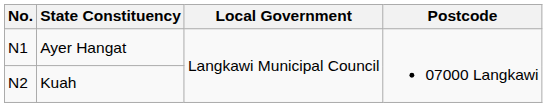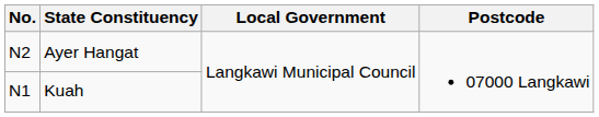 <table class="wikitable">
 <tr>
 <th>No.</th>
 <th>State Constituency</th>
 <th>Local Government</th>
 <th>Postcode</th>
 </tr>
 <tr>
-<td>N1</td>
+<td>N2</td>
 <td>Ayer Hangat</td>
 <td rowspan="2">Langkawi Municipal Council</td>
 <td rowspan="2"><br><ul><li>07000 Langkawi</li></ul></td>
 </tr>
 <tr>
-<td>N2</td>
+<td>N1</td>
 <td>Kuah</td>
 </tr>
 </table>
